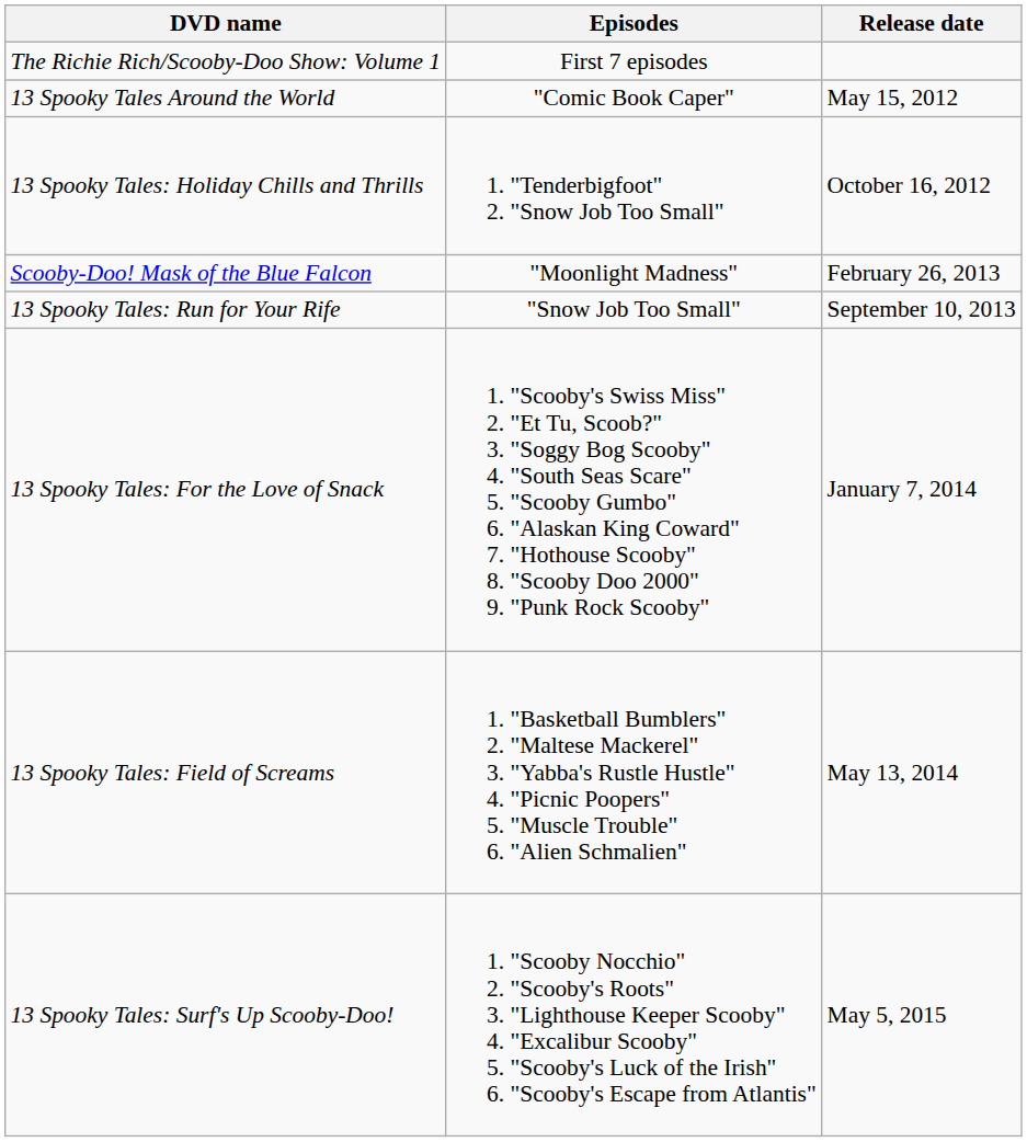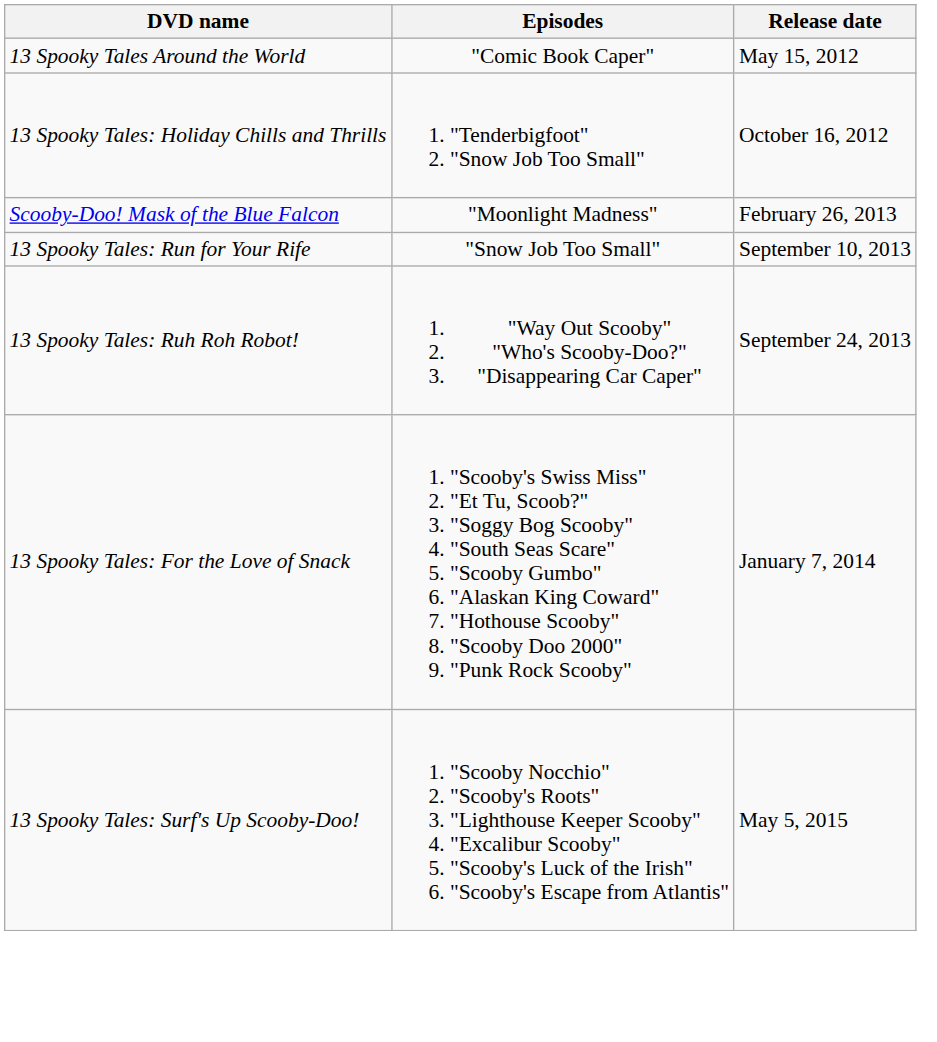 <table class="wikitable">
 <tr>
 <th>DVD name</th>
 <th>Episodes</th>
 <th>Release date</th>
-</tr>
-<tr>
-<td><em>The Richie Rich/Scooby-Doo Show: Volume 1</em></td>
-<td style="text-align:center;">First 7 episodes</td>
-<td></td>
 </tr>
 <tr>
 <td><em>13 Spooky Tales Around the World</em></td>
 <td style="text-align:center;">"Comic Book Caper"</td>
 <td>May 15, 2012</td>
 </tr>
 <tr>
 <td><em>13 Spooky Tales: Holiday Chills and Thrills</em></td>
 <td><br><ol><li>"Tenderbigfoot"</li><li>"Snow Job Too Small"</li></ol></td>
 <td>October 16, 2012</td>
 </tr>
 <tr>
 <td><em><a href='#'>Scooby-Doo! Mask of the Blue Falcon</a></em></td>
 <td style="text-align:center;">"Moonlight Madness"</td>
 <td>February 26, 2013</td>
 </tr>
 <tr>
 <td><em>13 Spooky Tales: Run for Your Rife</em></td>
 <td style="text-align:center;">"Snow Job Too Small"</td>
 <td>September 10, 2013</td>
 </tr>
 <tr>
+<td><em>13 Spooky Tales: Ruh Roh Robot!</em></td>
+<td style="text-align:center;"><br><ol><li>"Way Out Scooby"</li><li>"Who's Scooby-Doo?"</li><li>"Disappearing Car Caper"</li></ol></td>
+<td>September 24, 2013</td>
+</tr>
+<tr>
 <td><em>13 Spooky Tales: For the Love of Snack</em></td>
 <td><br><ol><li>"Scooby's Swiss Miss"</li><li>"Et Tu, Scoob?"</li><li>"Soggy Bog Scooby"</li><li>"South Seas Scare"</li><li>"Scooby Gumbo"</li><li>"Alaskan King Coward"</li><li>"Hothouse Scooby"</li><li>"Scooby Doo 2000"</li><li>"Punk Rock Scooby"</li></ol></td>
 <td>January 7, 2014</td>
-</tr>
-<tr>
-<td><em>13 Spooky Tales: Field of Screams</em></td>
-<td><br><ol><li>"Basketball Bumblers"</li><li>"Maltese Mackerel"</li><li>"Yabba's Rustle Hustle"</li><li>"Picnic Poopers"</li><li>"Muscle Trouble"</li><li>"Alien Schmalien"</li></ol></td>
-<td>May 13, 2014</td>
 </tr>
 <tr>
 <td><em>13 Spooky Tales: Surf's Up Scooby-Doo!</em></td>
 <td><br><ol><li>"Scooby Nocchio"</li><li>"Scooby's Roots"</li><li>"Lighthouse Keeper Scooby"</li><li>"Excalibur Scooby"</li><li>"Scooby's Luck of the Irish"</li><li>"Scooby's Escape from Atlantis"</li></ol></td>
 <td>May 5, 2015</td>
 </tr>
 </table>
